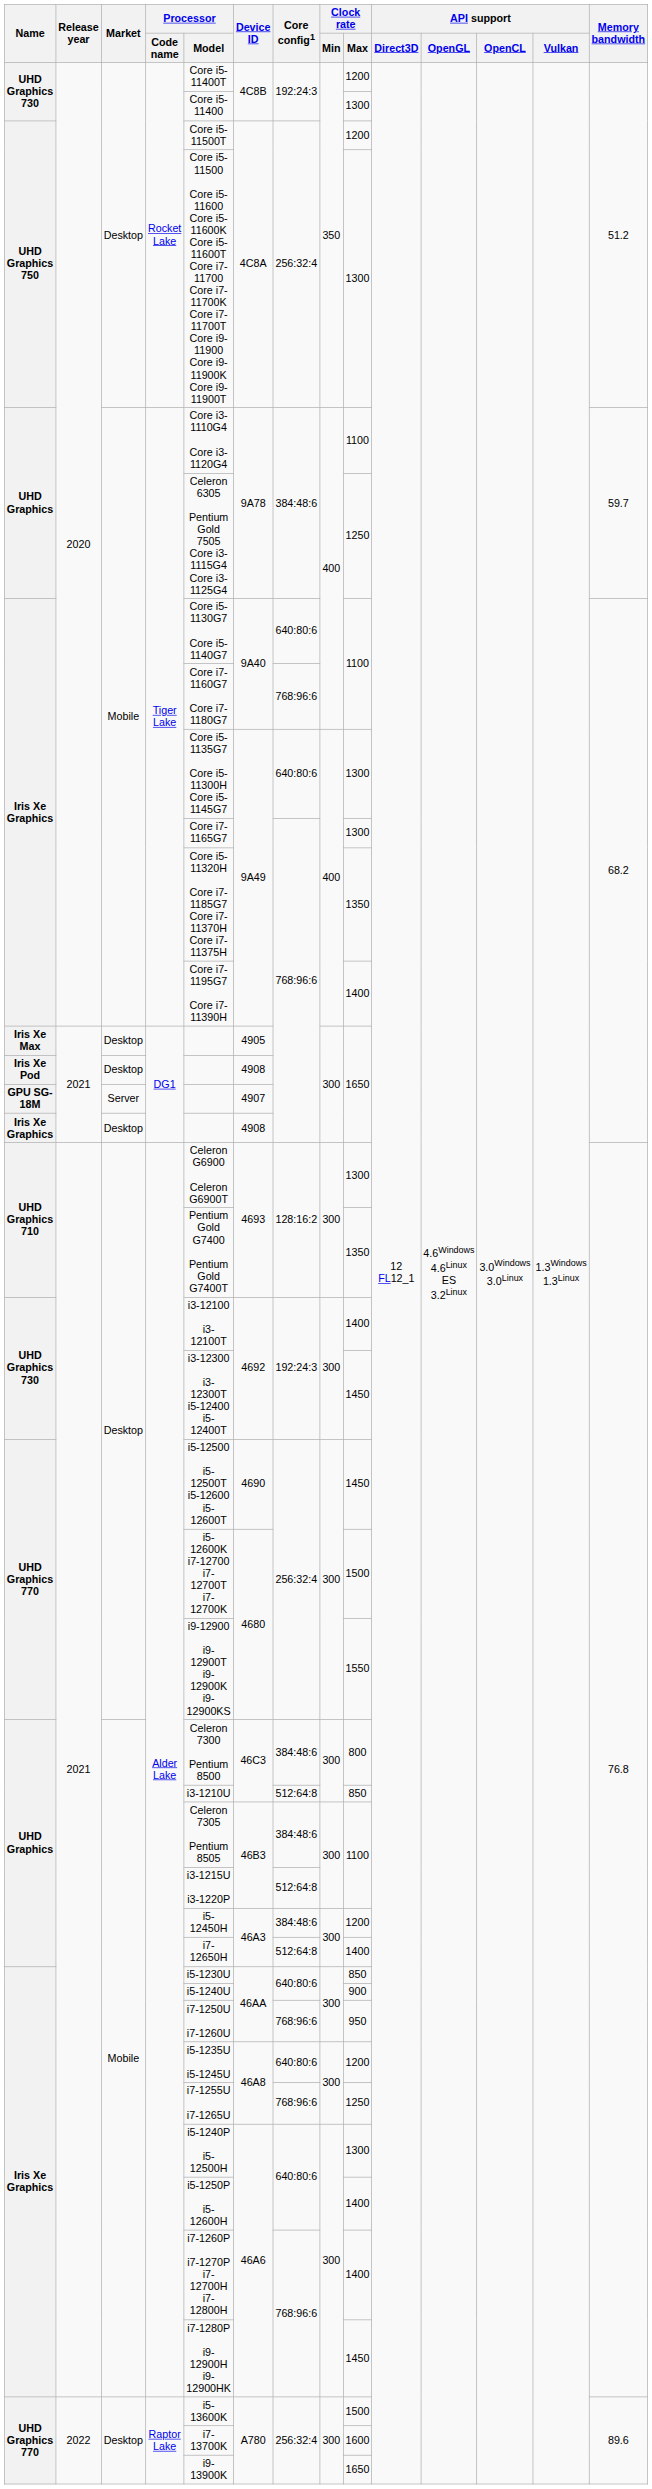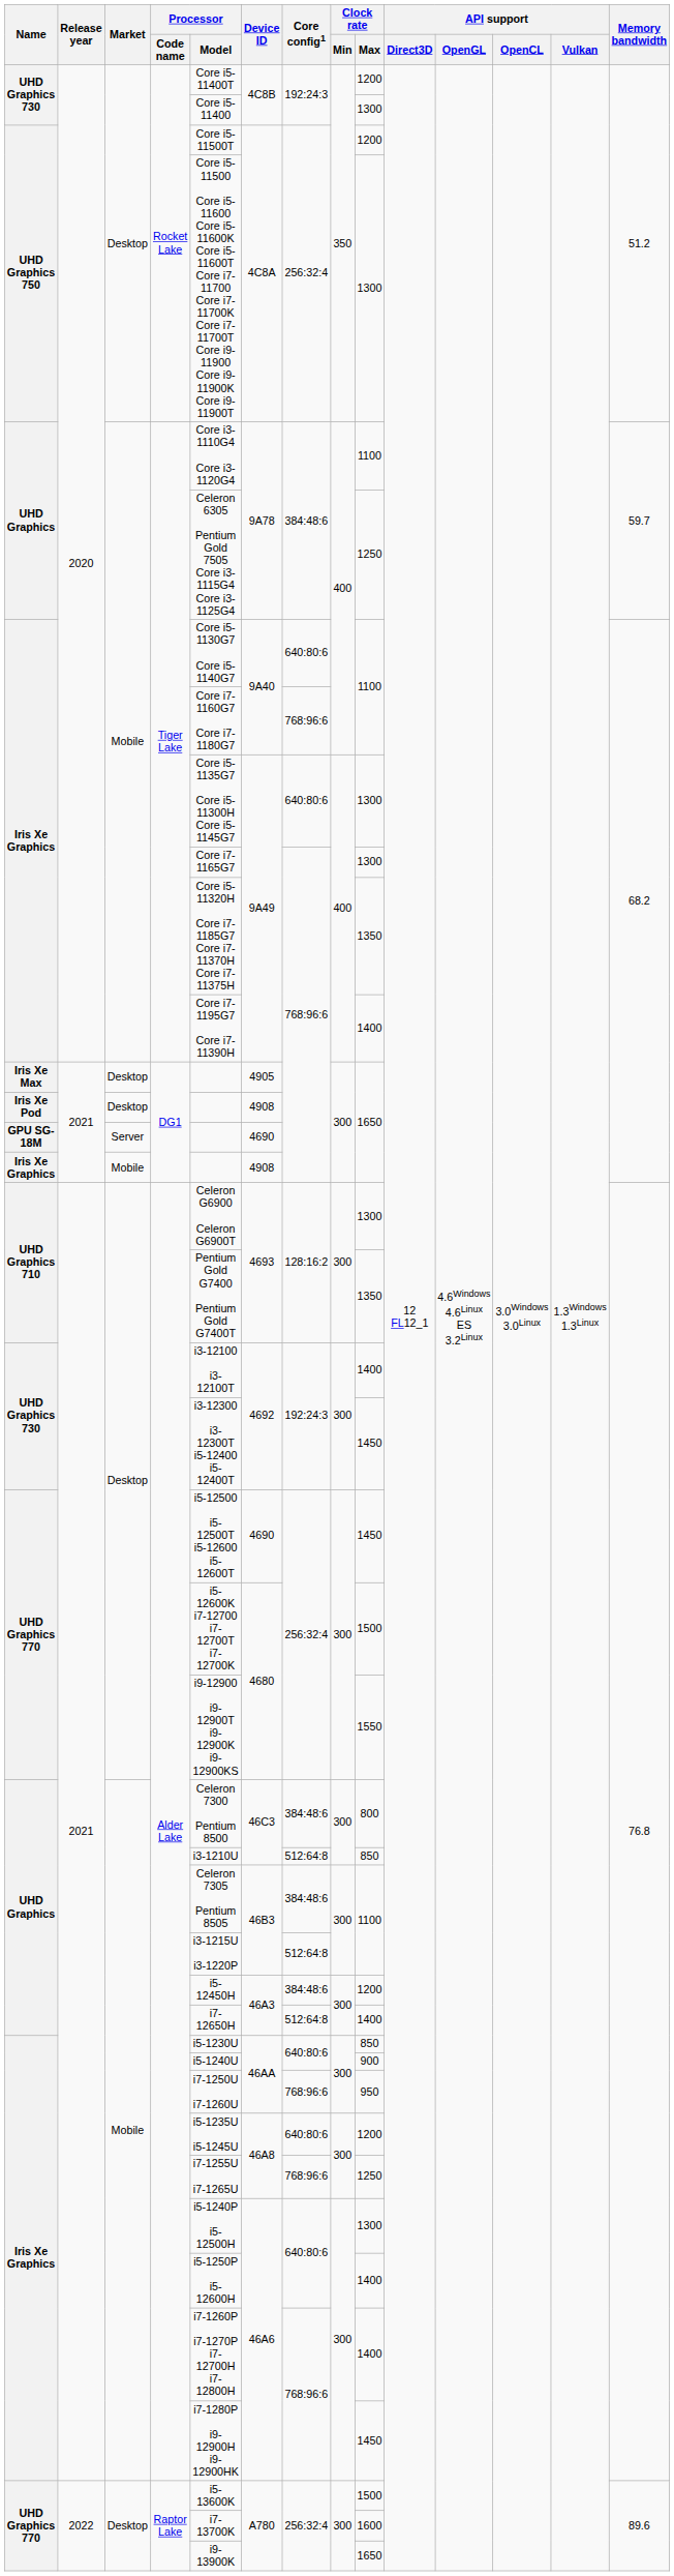 <table class="wikitable sortable mw-datatable sticky-header-multi sort-under" style="text-align:center;">
 <tr>
 <th rowspan="2" scope="col">Name</th>
 <th rowspan="2" scope="col">Release year</th>
 <th rowspan="2" scope="col">Market</th>
 <th colspan="2" scope="col"><a href='#'>Processor</a></th>
 <th rowspan="2"><a href='#'>Device ID</a></th>
 <th rowspan="2" scope="col">Core config<sup>1</sup></th>
 <th colspan="2" scope="col"><a href='#'>Clock rate</a></th>
 <th colspan="4" scope="col"><a href='#'>API</a> support</th>
 <th rowspan="2" scope="col"><a href='#'>Memory bandwidth</a> </th>
 </tr>
 <tr>
 <th scope="col">Code name</th>
 <th scope="col">Model</th>
 <th scope="col">Min </th>
 <th scope="col">Max </th>
 <th scope="col"><a href='#'>Direct3D</a></th>
 <th scope="col"><a href='#'>OpenGL</a></th>
 <th scope="col"><a href='#'>OpenCL</a></th>
 <th scope="col"><a href='#'>Vulkan</a></th>
 </tr>
 <tr>
 <th rowspan="2">UHD Graphics 730</th>
 <td rowspan="12">2020</td>
 <td rowspan="4">Desktop</td>
 <td rowspan="4"><a href='#'>Rocket Lake</a></td>
 <td>Core i5-11400T</td>
 <td rowspan="2">4C8B</td>
 <td rowspan="2">192:24:3</td>
 <td rowspan="4">350</td>
 <td>1200</td>
 <td rowspan="41">12 <br> <a href='#'>FL</a>12_1</td>
 <td rowspan="41">4.6<sup>Windows</sup> <br> 4.6<sup>Linux</sup> <br> ES 3.2<sup>Linux</sup></td>
 <td rowspan="41">3.0<sup>Windows</sup> <br> 3.0<sup>Linux</sup></td>
 <td rowspan="41">1.3<sup>Windows</sup> <br> 1.3<sup>Linux</sup></td>
 <td rowspan="4">51.2</td>
 </tr>
 <tr>
 <td>Core i5-11400</td>
 <td>1300</td>
 </tr>
 <tr>
 <th rowspan="2">UHD Graphics 750</th>
 <td>Core i5-11500T</td>
 <td rowspan="2">4C8A</td>
 <td rowspan="2">256:32:4</td>
 <td>1200</td>
 </tr>
 <tr>
 <td>Core i5-11500<br><br>Core i5-11600<br> Core i5-11600K<br> Core i5-11600T<br> Core i7-11700<br> Core i7-11700K<br> Core i7-11700T<br> Core i9-11900<br> Core i9-11900K<br> Core i9-11900T</td>
 <td>1300</td>
 </tr>
 <tr>
 <th rowspan="2">UHD Graphics</th>
 <td rowspan="8">Mobile</td>
 <td rowspan="8"><a href='#'>Tiger Lake</a></td>
 <td>Core i3-1110G4<br><br>Core i3-1120G4</td>
 <td rowspan="2">9A78</td>
 <td rowspan="2">384:48:6</td>
 <td rowspan="4">400</td>
 <td>1100</td>
 <td rowspan="2">59.7</td>
 </tr>
 <tr>
 <td>Celeron 6305<br><br>Pentium Gold 7505<br> Core i3-1115G4<br> Core i3-1125G4</td>
 <td>1250</td>
 </tr>
 <tr>
 <th rowspan="6">Iris Xe Graphics</th>
 <td>Core i5-1130G7<br><br>Core i5-1140G7</td>
 <td rowspan="2">9A40</td>
 <td>640:80:6</td>
 <td rowspan="2">1100</td>
 <td rowspan="10">68.2</td>
 </tr>
 <tr>
 <td>Core i7-1160G7<br><br>Core i7-1180G7</td>
 <td>768:96:6</td>
 </tr>
 <tr>
 <td>Core i5-1135G7<br><br>Core i5-11300H<br>Core i5-1145G7</td>
 <td rowspan="4">9A49</td>
 <td>640:80:6</td>
 <td rowspan="4">400</td>
 <td>1300</td>
 </tr>
 <tr>
 <td>Core i7-1165G7</td>
 <td rowspan="7">768:96:6</td>
 <td>1300</td>
 </tr>
 <tr>
 <td>Core i5-11320H<br><br>Core i7-1185G7<br> Core i7-11370H<br> Core i7-11375H</td>
 <td>1350</td>
 </tr>
 <tr>
 <td>Core i7-1195G7<br><br>Core i7-11390H</td>
 <td>1400</td>
 </tr>
 <tr>
 <th>Iris Xe Max</th>
 <td rowspan="4">2021</td>
 <td>Desktop</td>
 <td rowspan="4"><a href='#'>DG1</a></td>
 <td></td>
 <td>4905</td>
 <td rowspan="4">300</td>
 <td rowspan="4">1650</td>
 </tr>
 <tr>
 <th>Iris Xe Pod</th>
 <td>Desktop</td>
 <td></td>
 <td>4908</td>
 </tr>
 <tr>
 <th>GPU SG-18M</th>
 <td>Server</td>
 <td></td>
-<td>4907</td>
+<td>4690</td>
 </tr>
 <tr>
 <th>Iris Xe Graphics</th>
-<td>Desktop</td>
+<td>Mobile</td>
 <td></td>
 <td>4908</td>
 </tr>
 <tr>
 <th rowspan="2">UHD Graphics 710</th>
 <td rowspan="22">2021</td>
 <td rowspan="7">Desktop</td>
 <td rowspan="22"><a href='#'>Alder Lake</a></td>
 <td>Celeron G6900<br><br>Celeron G6900T<br></td>
 <td rowspan="2">4693</td>
 <td rowspan="2">128:16:2</td>
 <td rowspan="2">300</td>
 <td>1300</td>
 <td rowspan="22">76.8</td>
 </tr>
 <tr>
 <td>Pentium Gold G7400<br><br>Pentium Gold G7400T</td>
 <td>1350</td>
 </tr>
 <tr>
 <th rowspan="2">UHD Graphics 730</th>
 <td>i3-12100<br><br>i3-12100T</td>
 <td rowspan="2">4692</td>
 <td rowspan="2">192:24:3</td>
 <td rowspan="2">300</td>
 <td>1400</td>
 </tr>
 <tr>
 <td>i3-12300<br><br>i3-12300T<br> i5-12400<br> i5-12400T</td>
 <td>1450</td>
 </tr>
 <tr>
 <th rowspan="3">UHD Graphics 770</th>
 <td>i5-12500<br><br>i5-12500T<br> i5-12600<br> i5-12600T<br></td>
 <td>4690</td>
 <td rowspan="3">256:32:4</td>
 <td rowspan="3">300</td>
 <td>1450</td>
 </tr>
 <tr>
 <td>i5-12600K<br>i7-12700<br> i7-12700T<br> i7-12700K</td>
 <td rowspan="2">4680</td>
 <td>1500</td>
 </tr>
 <tr>
 <td>i9-12900<br><br>i9-12900T<br> i9-12900K<br> i9-12900KS</td>
 <td>1550</td>
 </tr>
 <tr>
 <th rowspan="6">UHD Graphics</th>
 <td rowspan="15">Mobile</td>
 <td>Celeron 7300<br><br>Pentium 8500</td>
 <td rowspan="2">46C3</td>
 <td>384:48:6</td>
 <td rowspan="2">300</td>
 <td>800</td>
 </tr>
 <tr>
 <td>i3-1210U</td>
 <td>512:64:8</td>
 <td>850</td>
 </tr>
 <tr>
 <td>Celeron 7305<br><br>Pentium 8505</td>
 <td rowspan="2">46B3</td>
 <td>384:48:6</td>
 <td rowspan="2">300</td>
 <td rowspan="2">1100</td>
 </tr>
 <tr>
 <td>i3-1215U<br><br>i3-1220P</td>
 <td>512:64:8</td>
 </tr>
 <tr>
 <td>i5-12450H</td>
 <td rowspan="2">46A3</td>
 <td>384:48:6</td>
 <td rowspan="2">300</td>
 <td>1200</td>
 </tr>
 <tr>
 <td>i7-12650H</td>
 <td>512:64:8</td>
 <td>1400</td>
 </tr>
 <tr>
 <th rowspan="9">Iris Xe Graphics</th>
 <td>i5-1230U</td>
 <td rowspan="3">46AA</td>
 <td rowspan="2">640:80:6</td>
 <td rowspan="3">300</td>
 <td>850</td>
 </tr>
 <tr>
 <td>i5-1240U</td>
 <td>900</td>
 </tr>
 <tr>
 <td>i7-1250U<br><br>i7-1260U</td>
 <td>768:96:6</td>
 <td>950</td>
 </tr>
 <tr>
 <td>i5-1235U<br><br>i5-1245U</td>
 <td rowspan="2">46A8</td>
 <td>640:80:6</td>
 <td rowspan="2">300</td>
 <td>1200</td>
 </tr>
 <tr>
 <td>i7-1255U<br><br>i7-1265U</td>
 <td>768:96:6</td>
 <td>1250</td>
 </tr>
 <tr>
 <td>i5-1240P<br><br>i5-12500H</td>
 <td rowspan="4">46A6</td>
 <td rowspan="2">640:80:6</td>
 <td rowspan="4">300</td>
 <td>1300</td>
 </tr>
 <tr>
 <td>i5-1250P<br><br>i5-12600H</td>
 <td>1400</td>
 </tr>
 <tr>
 <td>i7-1260P<br><br>i7-1270P<br> i7-12700H<br> i7-12800H</td>
 <td rowspan="2">768:96:6</td>
 <td>1400</td>
 </tr>
 <tr>
 <td>i7-1280P<br><br>i9-12900H<br> i9-12900HK</td>
 <td>1450</td>
 </tr>
 <tr>
 <th rowspan="3">UHD Graphics 770</th>
 <td rowspan="3">2022</td>
 <td rowspan="3">Desktop</td>
 <td rowspan="3"><a href='#'>Raptor Lake</a></td>
 <td>i5-13600K</td>
 <td rowspan="3">A780</td>
 <td rowspan="3">256:32:4</td>
 <td rowspan="3">300</td>
 <td>1500</td>
 <td rowspan="3">89.6</td>
 </tr>
 <tr>
 <td>i7-13700K</td>
 <td>1600</td>
 </tr>
 <tr>
 <td>i9-13900K</td>
 <td>1650</td>
 </tr>
 </table>
